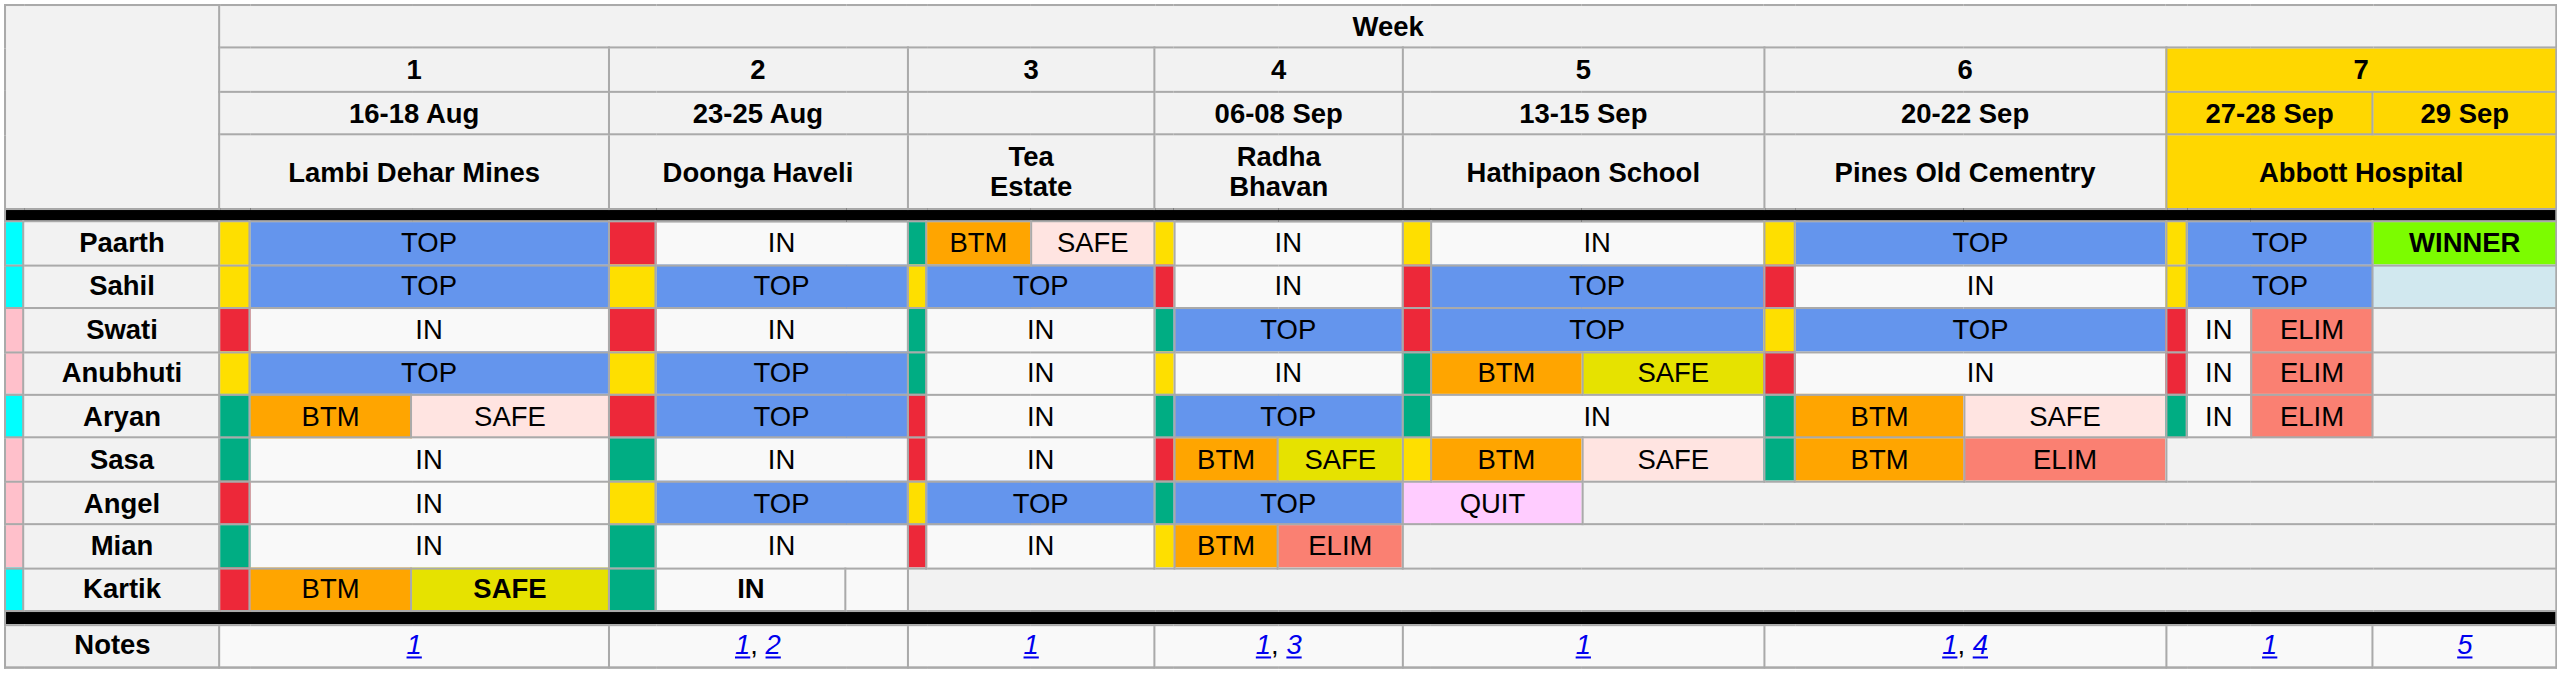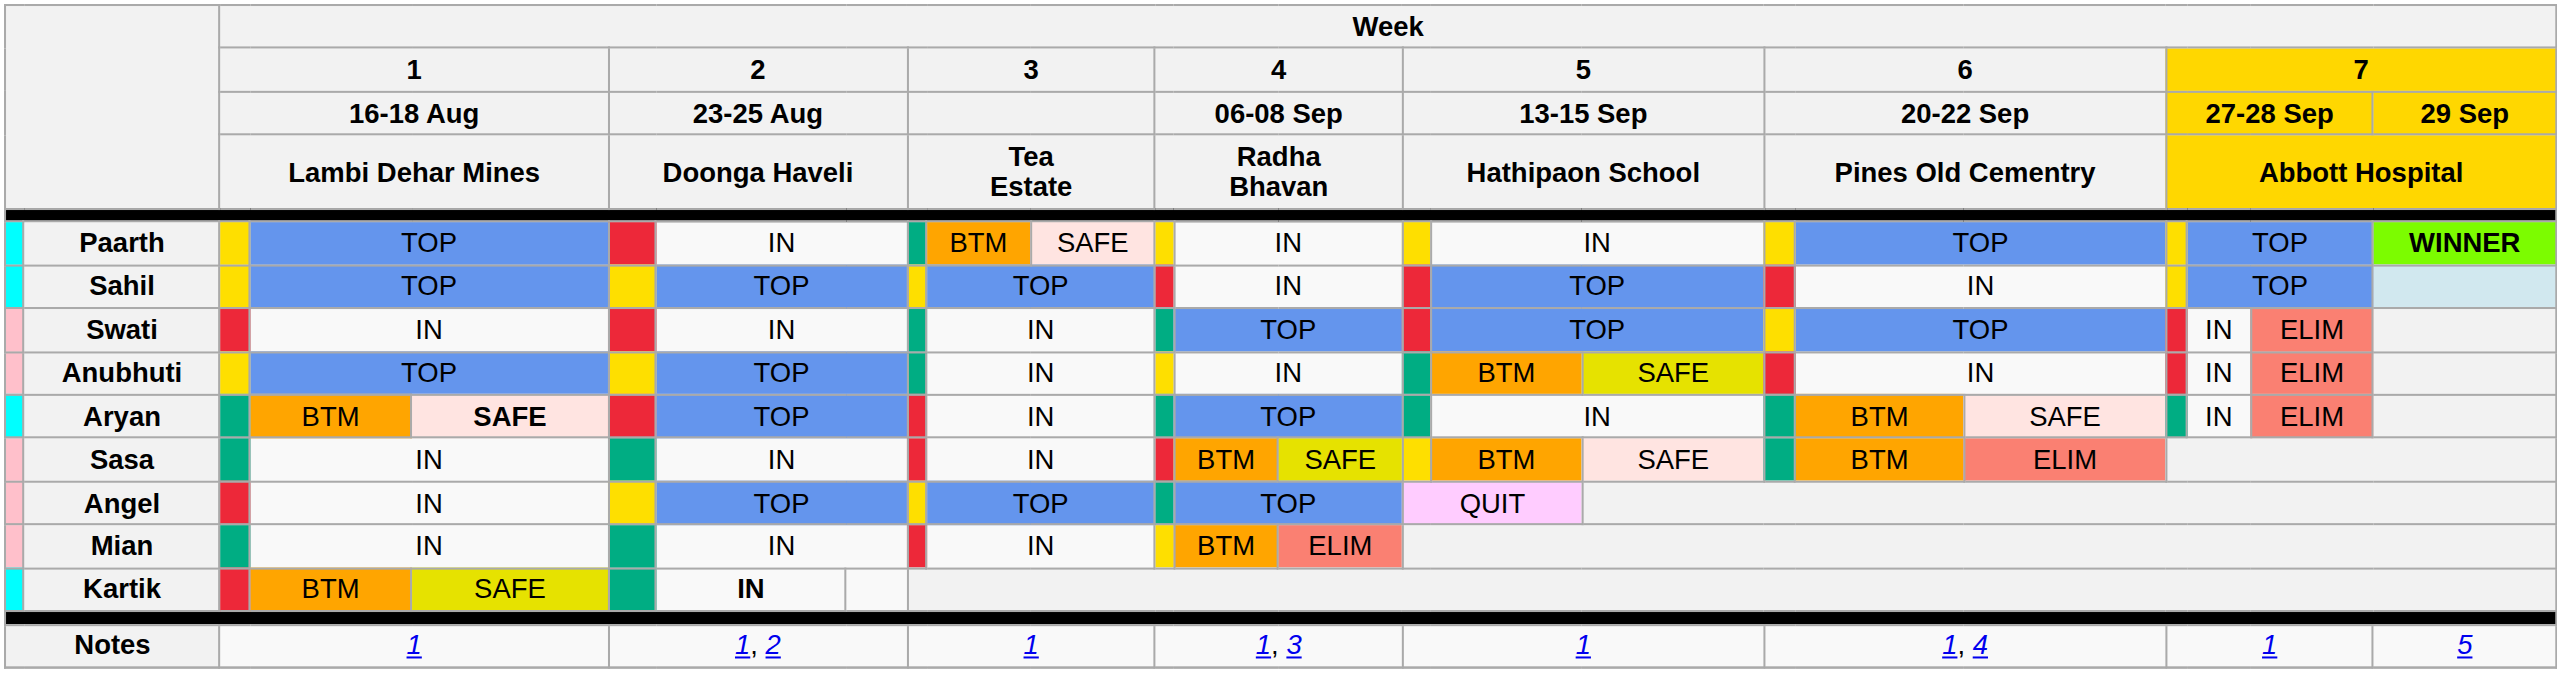 <table class="wikitable" style="text-align:center; font-size:85%; line-height:15px; width:100%">
 <tr>
 <th colspan="2" rowspan="4"></th>
 <th colspan="23">Week</th>
 </tr>
 <tr>
 <th colspan="3">1</th>
 <th colspan="3">2</th>
 <th colspan="3">3</th>
 <th colspan="3">4</th>
 <th colspan="3">5</th>
 <th colspan="3">6</th>
 <td colspan="4" bgcolor=gold><strong>7</strong></td>
 </tr>
 <tr>
 <th colspan="3">16-18 Aug</th>
 <th colspan="3">23-25 Aug</th>
 <th colspan="3"></th>
 <th colspan="3">06-08 Sep</th>
 <th colspan="3">13-15 Sep</th>
 <th colspan="3">20-22 Sep</th>
 <td colspan="3" bgcolor=gold><strong>27-28 Sep</strong></td>
 <td colspan="3" bgcolor=gold><strong>29 Sep</strong></td>
 </tr>
 <tr>
 <th colspan="3">Lambi Dehar Mines</th>
 <th colspan="3">Doonga Haveli</th>
 <th colspan="3">Tea<br>Estate</th>
 <th colspan="3">Radha<br>Bhavan</th>
 <th colspan="3">Hathipaon School</th>
 <th colspan="3">Pines Old Cementry</th>
 <td colspan="4" bgcolor=gold><strong>Abbott Hospital</strong></td>
 </tr>
 <tr>
 <th colspan="24" style="background:#000"></th>
 </tr>
 <tr>
 <th style="background:#00FFFF;"></th>
 <th>Paarth</th>
 <td style="background:#FEDF00;"></td>
 <td colspan="2" style="background:cornflowerblue;">TOP</td>
 <td style="background:#ED2839;"></td>
 <td colspan="2">IN</td>
 <td style="background:#00AD83;"></td>
 <td style="background:Orange;">BTM</td>
 <td style="background:mistyrose;">SAFE</td>
 <td style="background:#FEDF00;"></td>
 <td colspan="2">IN</td>
 <td style="background:#FEDF00;"></td>
 <td colspan="2">IN</td>
 <td style="background:#FEDF00;"></td>
 <td colspan="2" style="background:cornflowerblue;">TOP</td>
 <td style="background:#FEDF00;"></td>
 <td colspan="2" style="background:cornflowerblue;">TOP</td>
 <td style="background:#7CFC00;"><strong>WINNER</strong></td>
 </tr>
 <tr>
 <th style="background:#00FFFF;"></th>
 <th>Sahil</th>
 <td style="background:#FEDF00;"></td>
 <td colspan="2" style="background:cornflowerblue;">TOP</td>
 <td style="background:#FEDF00;"></td>
 <td colspan="2" style="background:cornflowerblue;">TOP</td>
 <td style="background:#FEDF00;"></td>
 <td colspan="2" style="background:cornflowerblue;">TOP</td>
 <td style="background:#ED2839;"></td>
 <td colspan="2">IN</td>
 <td style="background:#ED2839;"></td>
 <td colspan="2" style="background:cornflowerblue;">TOP</td>
 <td style="background:#ED2839;"></td>
 <td colspan=2>IN</td>
 <td style="background:#FEDF00;"></td>
 <td colspan="2" style="background:cornflowerblue;">TOP</td>
 <td style="background:#D1E8EF;"></td>
 </tr>
 <tr>
 <th style="background:#FFC0CB;"></th>
 <th>Swati</th>
 <td style="background:#ED2839;"></td>
 <td colspan="2">IN</td>
 <td style="background:#ED2839;"></td>
 <td colspan="2">IN</td>
 <td style="background:#00AD83;"></td>
 <td colspan="2">IN</td>
 <td style="background:#00AD83;"></td>
 <td colspan=2 style="background:cornflowerblue;">TOP</td>
 <td style="background:#ED2839;"></td>
 <td colspan="2" style="background:cornflowerblue;">TOP</td>
 <td style="background:#FEDF00;"></td>
 <td colspan="2" style="background:cornflowerblue;">TOP</td>
 <td style="background:#ED2839;"></td>
 <td>IN</td>
 <td bgcolor=salmon>ELIM</td>
 <th></th>
 </tr>
 <tr>
 <th style="background:#FFC0CB;"></th>
 <th>Anubhuti</th>
 <td style="background:#FEDF00;"></td>
 <td colspan=2 style="background:cornflowerblue;">TOP</td>
 <td style="background:#FEDF00;"></td>
 <td colspan=2 style="background:cornflowerblue;">TOP</td>
 <td style="background:#00AD83;"></td>
 <td colspan=2>IN</td>
 <td style="background:#FEDF00;"></td>
 <td colspan=2>IN</td>
 <td style="background:#00AD83;"></td>
 <td style="background:Orange;">BTM</td>
 <td style="background:#E6E200;">SAFE</td>
 <td style="background:#ED2839;"></td>
 <td colspan=2>IN</td>
 <td style="background:#ED2839;"></td>
 <td>IN</td>
 <td bgcolor=salmon>ELIM</td>
 <th></th>
 </tr>
 <tr>
 <th style="background:#00FFFF;"></th>
 <th>Aryan</th>
 <td style="background:#00AD83;"></td>
 <td style="background:Orange;">BTM</td>
-<td style="background:mistyrose;">SAFE</td>
+<td style="background:mistyrose;"><strong>SAFE</strong></td>
 <td style="background:#ED2839;"></td>
 <td colspan=2 style="background:cornflowerblue;">TOP</td>
 <td style="background:#ED2839;"></td>
 <td colspan=2>IN</td>
 <td style="background:#00AD83;"></td>
 <td colspan=2 style="background:cornflowerblue;">TOP</td>
 <td style="background:#00AD83;"></td>
 <td colspan=2>IN</td>
 <td style="background:#00AD83;"></td>
 <td style="background:Orange;">BTM</td>
 <td style="background:mistyrose;">SAFE</td>
 <td style="background:#00AD83;"></td>
 <td>IN</td>
 <td bgcolor=salmon>ELIM</td>
 <th></th>
 </tr>
 <tr>
 <th style="background:#FFC0CB;"></th>
 <th>Sasa</th>
 <td style="background:#00AD83;"></td>
 <td colspan="2">IN</td>
 <td style="background:#00AD83;"></td>
 <td colspan="2">IN</td>
 <td style="background:#ED2839;"></td>
 <td colspan="2">IN</td>
 <td style="background:#ED2839;"></td>
 <td style="background:Orange;">BTM</td>
 <td style="background:#E6E200;">SAFE</td>
 <td style="background:#FEDF00;"></td>
 <td style="background:Orange;">BTM</td>
 <td style="background:mistyrose;">SAFE</td>
 <td style="background:#00AD83;"></td>
 <td style="background:Orange;">BTM</td>
 <td bgcolor=salmon>ELIM</td>
 <th colspan=4></th>
 </tr>
 <tr>
 <th style="background:#FFC0CB;"></th>
 <th>Angel</th>
 <td style="background:#ED2839;"></td>
 <td colspan=2>IN</td>
 <td style="background:#FEDF00;"></td>
 <td colspan=2 style="background:cornflowerblue;">TOP</td>
 <td style="background:#FEDF00;"></td>
 <td colspan=2 style="background:cornflowerblue;">TOP</td>
 <td style="background:#00AD83;"></td>
 <td colspan=2 style="background:cornflowerblue;">TOP</td>
 <td colspan="2" style="background:#fcf">QUIT</td>
 <th colspan=8></th>
 </tr>
 <tr>
 <th style="background:#FFC0CB;"></th>
 <th>Mian</th>
 <td style="background:#00AD83;"></td>
 <td colspan=2>IN</td>
 <td style="background:#00AD83;"></td>
 <td colspan=2>IN</td>
 <td style="background:#ED2839;"></td>
 <td colspan=2>IN</td>
 <td style="background:#FEDF00;"></td>
 <td style="background:Orange;">BTM</td>
 <td bgcolor=salmon>ELIM</td>
 <th colspan=10></th>
 </tr>
 <tr>
 <th style="background:#00FFFF;"></th>
 <th>Kartik</th>
 <td style="background:#ED2839;"></td>
 <td style="background:Orange;">BTM</td>
-<td style="background:#E6E200;"><strong>SAFE</strong></td>
+<td style="background:#E6E200;">SAFE</td>
 <td style="background:#00AD83;"></td>
 <td><strong>IN</strong></td>
 <td></td>
 <th colspan="16"></th>
 </tr>
 <tr>
 <th colspan="24" style="background:#000"></th>
 </tr>
 <tr>
 <th colspan="2">Notes</th>
 <td colspan="3"><em><a href='#'>1</a></em></td>
 <td colspan="3"><em><a href='#'>1</a></em>, <em><a href='#'>2</a></em></td>
 <td colspan="3"><em><a href='#'>1</a></em></td>
 <td colspan="3"><em><a href='#'>1</a></em>, <em><a href='#'>3</a></em></td>
 <td colspan="3"><em><a href='#'>1</a></em></td>
 <td colspan="3"><em><a href='#'>1</a></em>, <em><a href='#'>4</a></em></td>
 <td colspan="3"><em><a href='#'>1</a></em></td>
 <td><em><a href='#'>5</a></em></td>
 </tr>
 <tr>
 </tr>
 </table>
